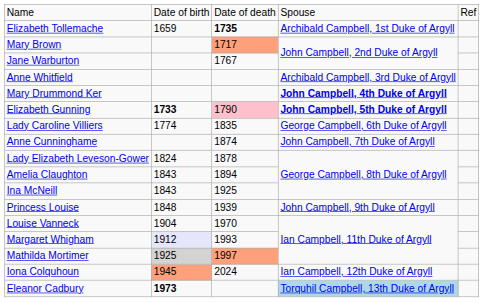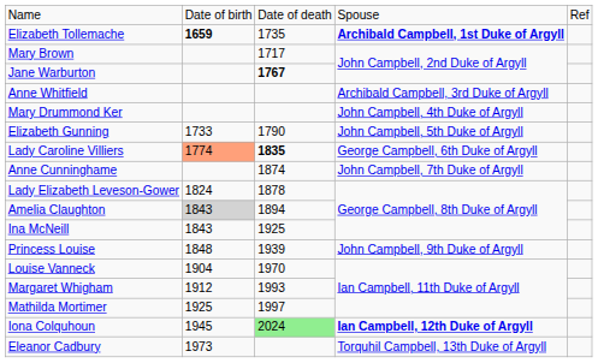 <table class="wikitable sortable">
 <tr>
 <td>Name</td>
 <td>Date of birth</td>
 <td>Date of death</td>
 <td>Spouse</td>
 <td class="unsorted">Ref</td>
 </tr>
 <tr>
 <td><a href='#'>Elizabeth Tollemache</a></td>
-<td>1659</td>
-<td><strong>1735</strong></td>
-<td><a href='#'>Archibald Campbell, 1st Duke of Argyll</a></td>
+<td><strong>1659</strong></td>
+<td>1735</td>
+<td><strong><a href='#'>Archibald Campbell, 1st Duke of Argyll</a></strong></td>
 <td></td>
 </tr>
 <tr>
 <td><a href='#'>Mary Brown</a></td>
 <td></td>
-<td style="background: lightsalmon;">1717</td>
+<td>1717</td>
 <td rowspan="2"><a href='#'>John Campbell, 2nd Duke of Argyll</a></td>
 <td></td>
 </tr>
 <tr>
 <td><a href='#'>Jane Warburton</a></td>
 <td></td>
-<td>1767</td>
+<td><strong>1767</strong></td>
 <td></td>
 </tr>
 <tr>
 <td><a href='#'>Anne Whitfield</a></td>
 <td></td>
 <td></td>
 <td><a href='#'>Archibald Campbell, 3rd Duke of Argyll</a></td>
 <td></td>
 </tr>
 <tr>
 <td><a href='#'>Mary Drummond Ker</a></td>
 <td></td>
 <td></td>
-<td><strong><a href='#'>John Campbell, 4th Duke of Argyll</a></strong></td>
+<td><a href='#'>John Campbell, 4th Duke of Argyll</a></td>
 <td></td>
 </tr>
 <tr>
 <td><a href='#'>Elizabeth Gunning</a></td>
-<td><strong>1733</strong></td>
-<td style="background: pink;">1790</td>
-<td><strong><a href='#'>John Campbell, 5th Duke of Argyll</a></strong></td>
+<td>1733</td>
+<td>1790</td>
+<td><a href='#'>John Campbell, 5th Duke of Argyll</a></td>
 <td></td>
 </tr>
 <tr>
 <td><a href='#'>Lady Caroline Villiers</a></td>
-<td>1774</td>
-<td>1835</td>
+<td style="background: lightsalmon;">1774</td>
+<td><strong>1835</strong></td>
 <td><a href='#'>George Campbell, 6th Duke of Argyll</a></td>
 <td></td>
 </tr>
 <tr>
 <td><a href='#'>Anne Cunninghame</a></td>
 <td></td>
 <td>1874</td>
 <td><a href='#'>John Campbell, 7th Duke of Argyll</a></td>
 <td></td>
 </tr>
 <tr>
 <td><a href='#'>Lady Elizabeth Leveson-Gower</a></td>
 <td>1824</td>
 <td>1878</td>
 <td rowspan="3"><a href='#'>George Campbell, 8th Duke of Argyll</a></td>
 <td></td>
 </tr>
 <tr>
 <td><a href='#'>Amelia Claughton</a></td>
-<td>1843</td>
+<td style="background: lightgrey;">1843</td>
 <td>1894</td>
 <td></td>
 </tr>
 <tr>
 <td><a href='#'>Ina McNeill</a></td>
 <td>1843</td>
 <td>1925</td>
 <td></td>
 </tr>
 <tr>
 <td><a href='#'>Princess Louise</a></td>
 <td>1848</td>
 <td>1939</td>
 <td><a href='#'>John Campbell, 9th Duke of Argyll</a></td>
 <td></td>
 </tr>
 <tr>
 <td><a href='#'>Louise Vanneck</a></td>
 <td>1904</td>
 <td>1970</td>
 <td rowspan="3"><a href='#'>Ian Campbell, 11th Duke of Argyll</a></td>
 <td></td>
 </tr>
 <tr>
 <td><a href='#'>Margaret Whigham</a></td>
-<td style="background: lavender;">1912</td>
+<td>1912</td>
 <td>1993</td>
 <td></td>
 </tr>
 <tr>
 <td><a href='#'>Mathilda Mortimer</a></td>
-<td style="background: lightgrey;">1925</td>
-<td style="background: lightsalmon;">1997</td>
+<td>1925</td>
+<td>1997</td>
 <td></td>
 </tr>
 <tr>
 <td><a href='#'>Iona Colquhoun</a></td>
-<td style="background: lightsalmon;">1945</td>
-<td>2024</td>
-<td><a href='#'>Ian Campbell, 12th Duke of Argyll</a></td>
+<td>1945</td>
+<td style="background: lightgreen;">2024</td>
+<td><strong><a href='#'>Ian Campbell, 12th Duke of Argyll</a></strong></td>
 <td></td>
 </tr>
 <tr>
 <td><a href='#'>Eleanor Cadbury</a></td>
-<td><strong>1973</strong></td>
+<td>1973</td>
 <td></td>
-<td style="background: lightblue;"><a href='#'>Torquhil Campbell, 13th Duke of Argyll</a></td>
+<td><a href='#'>Torquhil Campbell, 13th Duke of Argyll</a></td>
 <td></td>
 </tr>
 </table>
